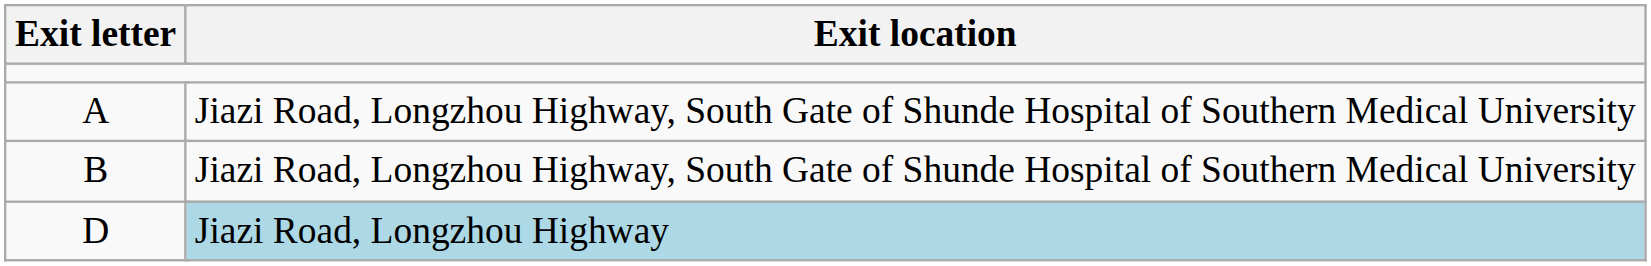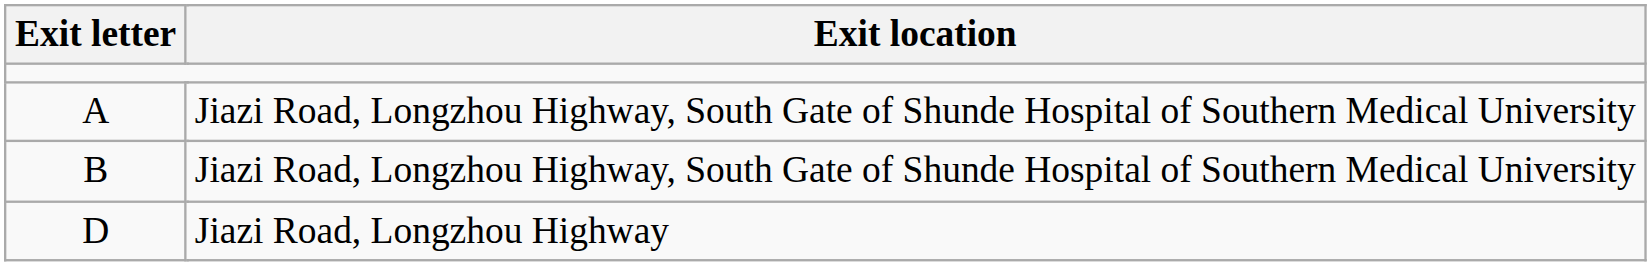 <table class="wikitable">
 <tr>
 <th colspan=2 style="width:70px">Exit letter</th>
 <th>Exit location</th>
 </tr>
 <tr style="background:#">
 <td colspan="4"></td>
 </tr>
 <tr>
 <td colspan=2 align=center>A</td>
 <td>Jiazi Road, Longzhou Highway, South Gate of Shunde Hospital of Southern Medical University</td>
 </tr>
 <tr>
 <td colspan=2 align=center>B</td>
 <td>Jiazi Road, Longzhou Highway, South Gate of Shunde Hospital of Southern Medical University</td>
 </tr>
 <tr>
 <td colspan=2 align=center>D</td>
-<td style="background: lightblue;">Jiazi Road, Longzhou Highway</td>
+<td>Jiazi Road, Longzhou Highway</td>
 </tr>
 </table>
